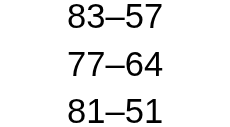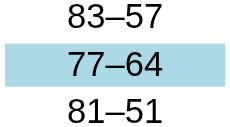 <table style="text-align:center">
 <tr>
 <th width=200></th>
 <th width=100></th>
 <th width=200></th>
 <th></th>
 </tr>
 <tr>
 <td align=right><strong></strong></td>
 <td>83–57</td>
 <td align=left></td>
 </tr>
 <tr>
 <td align=right><strong></strong></td>
-<td>77–64</td>
+<td style="background: lightblue;">77–64</td>
 <td align=left></td>
 </tr>
 <tr>
 <td align=right><strong></strong></td>
 <td>81–51</td>
 <td align=left></td>
 </tr>
 </table>
